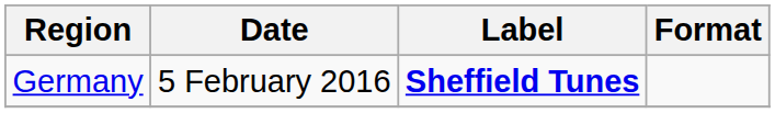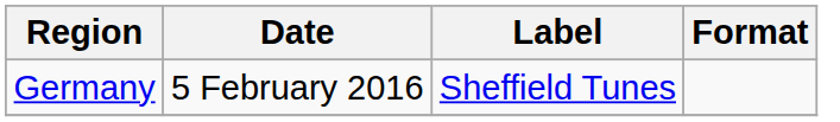 <table class="wikitable sortable">
 <tr>
 <th>Region</th>
 <th>Date</th>
 <th>Label</th>
 <th>Format</th>
 </tr>
 <tr>
 <td><a href='#'>Germany</a></td>
 <td>5 February 2016</td>
-<td rowspan="1"><strong><a href='#'>Sheffield Tunes</a></strong></td>
+<td rowspan="1"><a href='#'>Sheffield Tunes</a></td>
 <td rowspan="1"></td>
 </tr>
 <tr>
 </tr>
 </table>
